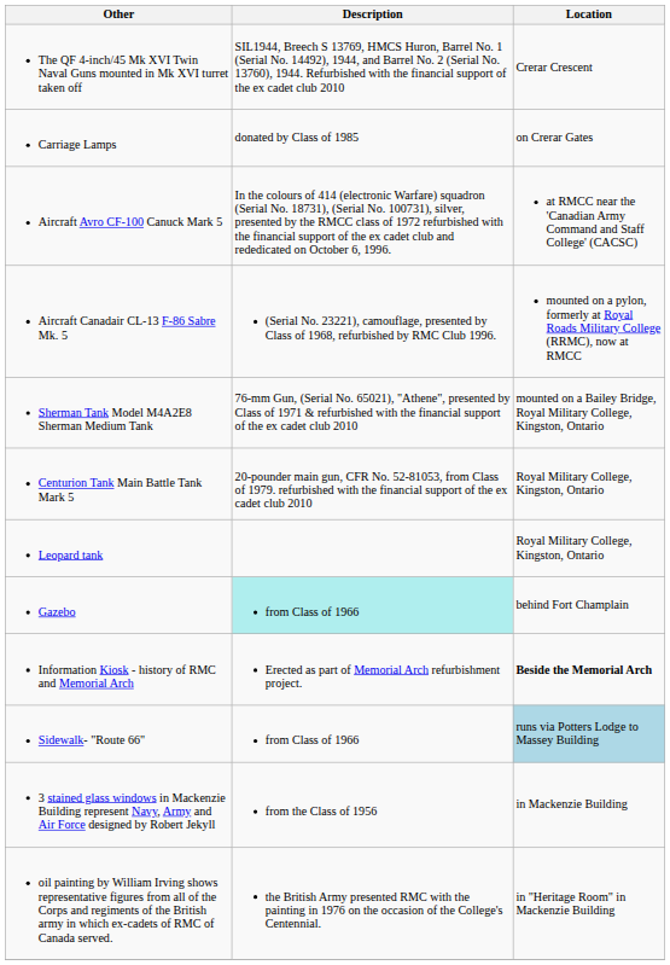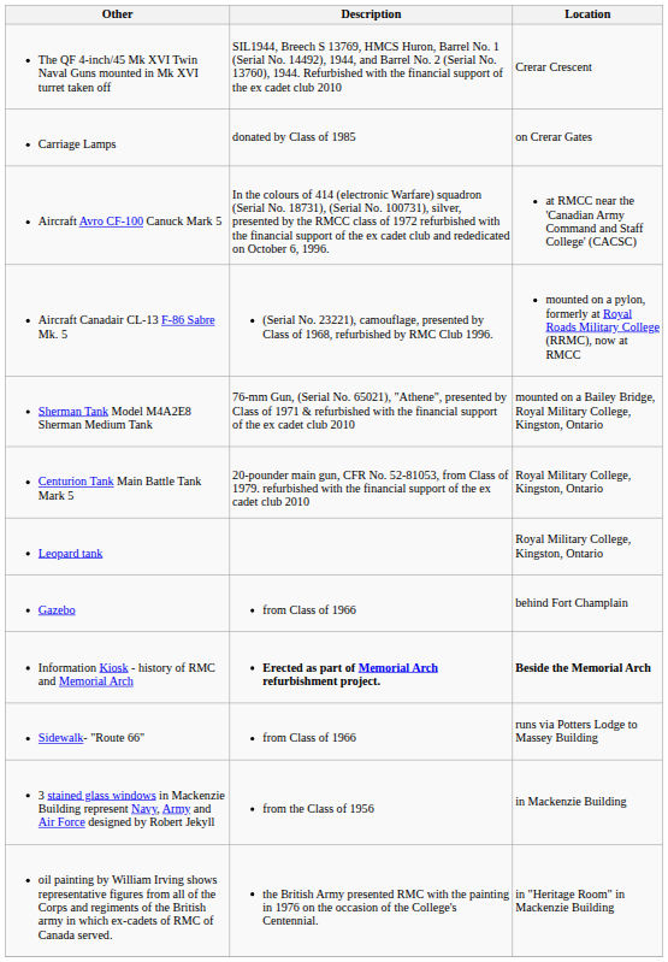 <table class="wikitable">
 <tr>
 <th>Other</th>
 <th>Description</th>
 <th>Location</th>
 </tr>
 <tr>
 <td><br><ul><li>The  QF 4-inch/45 Mk XVI Twin Naval Guns mounted in Mk XVI turret taken off  </li></ul></td>
 <td>SIL1944, Breech S 13769, HMCS Huron,  Barrel No. 1 (Serial No. 14492), 1944, and Barrel No. 2 (Serial No. 13760), 1944. Refurbished with the financial support of the ex cadet club 2010</td>
 <td>Crerar Crescent</td>
 </tr>
 <tr>
 <td><br><ul><li>Carriage Lamps</li></ul></td>
 <td>donated by Class of 1985</td>
 <td>on Crerar Gates</td>
 </tr>
 <tr>
 <td><br><ul><li>Aircraft <a href='#'>Avro CF-100</a> Canuck Mark 5</li></ul></td>
 <td><br>In the colours of 414 (electronic Warfare) squadron (Serial No. 18731), (Serial No. 100731), silver, presented by the RMCC class of 1972 refurbished with the financial support of the ex cadet club and rededicated on October 6, 1996.</td>
 <td><br><ul><li>at RMCC near the 'Canadian Army Command and Staff College' (CACSC)</li></ul></td>
 </tr>
 <tr>
 <td><br><ul><li>Aircraft Canadair CL-13 <a href='#'>F-86 Sabre</a> Mk. 5</li></ul></td>
 <td><br><ul><li>(Serial No. 23221), camouflage, presented by Class of 1968, refurbished by RMC Club 1996.</li></ul></td>
 <td><br><ul><li>mounted on a pylon, formerly at <a href='#'>Royal Roads Military College</a> (RRMC), now at RMCC </li></ul></td>
 </tr>
 <tr>
 <td><br><ul><li><a href='#'>Sherman Tank</a> Model M4A2E8 Sherman Medium Tank </li></ul></td>
 <td>76-mm Gun, (Serial No. 65021), "Athene", presented by Class of 1971 & refurbished with the financial support of the ex cadet club 2010</td>
 <td>mounted on a Bailey Bridge, Royal Military College, Kingston, Ontario</td>
 </tr>
 <tr>
 <td><br><ul><li><a href='#'>Centurion Tank</a> Main Battle Tank Mark 5 </li></ul></td>
 <td><br>20-pounder main gun, CFR No. 52-81053, from Class of 1979. refurbished with the financial support of the ex cadet club 2010</td>
 <td>Royal Military College, Kingston, Ontario</td>
 </tr>
 <tr>
 <td><br><ul><li><a href='#'>Leopard tank</a></li></ul></td>
 <td></td>
 <td>Royal Military College, Kingston, Ontario</td>
 </tr>
 <tr>
 <td><br><ul><li><a href='#'>Gazebo</a></li></ul></td>
-<td style="background: paleturquoise;"><br><ul><li>from Class of 1966</li></ul></td>
+<td><br><ul><li>from Class of 1966</li></ul></td>
 <td>behind Fort Champlain</td>
 </tr>
 <tr>
 <td><br><ul><li>Information <a href='#'>Kiosk</a> - history of RMC and <a href='#'>Memorial Arch</a></li></ul></td>
-<td><br><ul><li>Erected as part of <a href='#'>Memorial Arch</a> refurbishment project.</li></ul></td>
+<td><strong><br><ul><li>Erected as part of <a href='#'>Memorial Arch</a> refurbishment project.</li></ul></strong></td>
 <td><strong>Beside the Memorial Arch</strong></td>
 </tr>
 <tr>
 <td><br><ul><li><a href='#'>Sidewalk</a>- "Route 66"</li></ul></td>
 <td><br><ul><li>from Class of 1966</li></ul></td>
-<td style="background: lightblue;">runs via Potters Lodge to Massey Building</td>
+<td>runs via Potters Lodge to Massey Building</td>
 </tr>
 <tr>
 <td><br><ul><li>3 <a href='#'>stained glass windows</a> in Mackenzie Building represent <a href='#'>Navy</a>, <a href='#'>Army</a> and <a href='#'>Air Force</a> designed by Robert Jekyll </li></ul></td>
 <td><br><ul><li>from the Class of 1956</li></ul></td>
 <td>in Mackenzie Building</td>
 </tr>
 <tr>
 <td><br><ul><li>oil painting by William Irving shows representative figures from all of the Corps and regiments of the British army in which ex-cadets of RMC of Canada served.</li></ul></td>
 <td><br><ul><li>the British Army presented RMC with the painting in 1976 on the occasion of the College's Centennial.</li></ul></td>
 <td>in "Heritage Room" in Mackenzie Building</td>
 </tr>
 <tr>
 </tr>
 </table>
